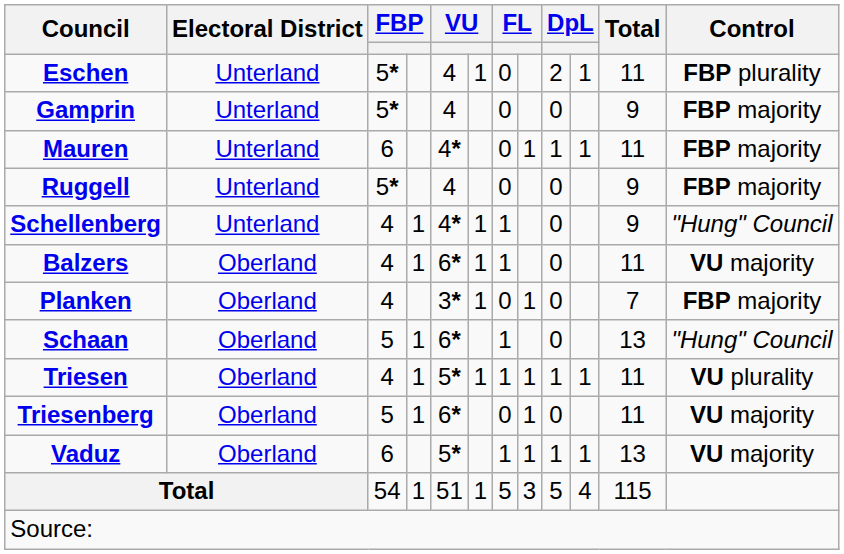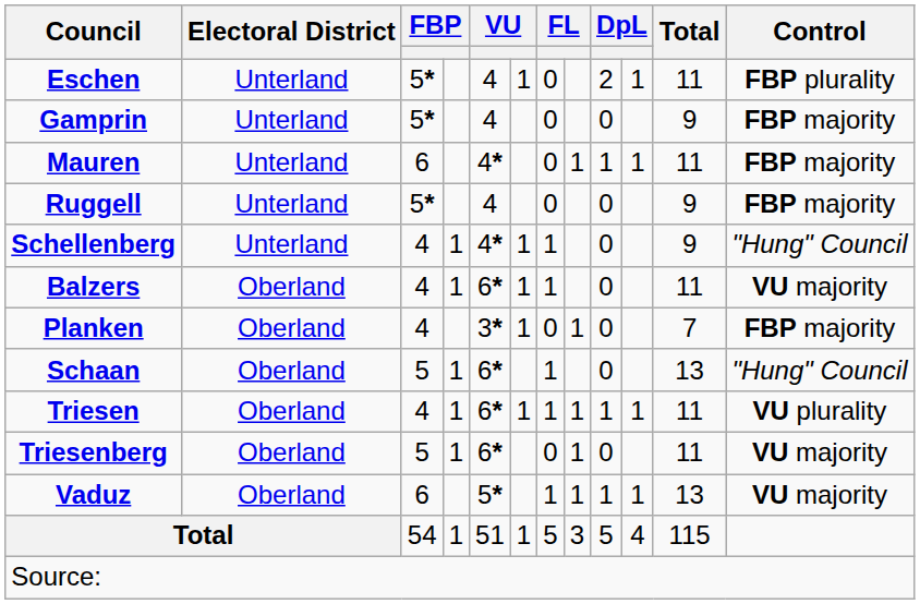 <table class="wikitable sortable" style="text-align:center">
 <tr>
 <th rowspan=2>Council</th>
 <th rowspan=2>Electoral District</th>
 <th colspan=2><a href='#'>FBP</a><br></th>
 <th colspan=2><a href='#'>VU</a><br></th>
 <th colspan=2><a href='#'>FL</a><br></th>
 <th colspan=2><a href='#'>DpL</a><br></th>
 <th rowspan=2>Total</th>
 <th rowspan=2>Control</th>
 </tr>
 <tr>
 <th colspan=2 style="color:inherit;background:"></th>
 <th colspan=2 style="color:inherit;background:"></th>
 <th colspan=2 style="color:inherit;background:"></th>
 <th colspan=2 style="color:inherit;background:"></th>
 </tr>
 <tr>
 <td> <strong><a href='#'>Eschen</a></strong></td>
 <td><a href='#'>Unterland</a></td>
 <td>5<strong>*</strong></td>
 <td></td>
 <td>4</td>
 <td> 1</td>
 <td>0</td>
 <td></td>
 <td>2</td>
 <td> 1</td>
 <td>11</td>
 <td><strong>FBP</strong> plurality</td>
 </tr>
 <tr>
 <td> <strong><a href='#'>Gamprin</a></strong></td>
 <td><a href='#'>Unterland</a></td>
 <td>5<strong>*</strong></td>
 <td></td>
 <td>4</td>
 <td></td>
 <td>0</td>
 <td></td>
 <td>0</td>
 <td></td>
 <td>9</td>
 <td><strong>FBP</strong> majority</td>
 </tr>
 <tr>
 <td> <strong><a href='#'>Mauren</a></strong></td>
 <td><a href='#'>Unterland</a></td>
 <td>6</td>
 <td></td>
 <td>4<strong>*</strong></td>
 <td></td>
 <td>0</td>
 <td> 1</td>
 <td>1</td>
 <td> 1</td>
 <td>11</td>
 <td><strong>FBP</strong> majority</td>
 </tr>
 <tr>
 <td> <strong><a href='#'>Ruggell</a></strong></td>
 <td><a href='#'>Unterland</a></td>
 <td>5<strong>*</strong></td>
 <td></td>
 <td>4</td>
 <td></td>
 <td>0</td>
 <td></td>
 <td>0</td>
 <td></td>
 <td>9</td>
 <td><strong>FBP</strong> majority</td>
 </tr>
 <tr>
 <td>  <strong><a href='#'>Schellenberg</a></strong></td>
 <td><a href='#'>Unterland</a></td>
 <td>4</td>
 <td> 1</td>
 <td>4<strong>*</strong></td>
 <td> 1</td>
 <td>1</td>
 <td></td>
 <td>0</td>
 <td></td>
 <td>9</td>
 <td><em>"Hung" Council</em></td>
 </tr>
 <tr>
 <td> <strong><a href='#'>Balzers</a></strong></td>
 <td><a href='#'>Oberland</a></td>
 <td>4</td>
 <td> 1</td>
 <td>6<strong>*</strong></td>
 <td> 1</td>
 <td>1</td>
 <td></td>
 <td>0</td>
 <td></td>
 <td>11</td>
 <td><span><strong>VU</strong> majority</span></td>
 </tr>
 <tr>
 <td> <strong><a href='#'>Planken</a></strong></td>
 <td><a href='#'>Oberland</a></td>
 <td>4</td>
 <td></td>
 <td>3<strong>*</strong></td>
 <td> 1</td>
 <td>0</td>
 <td> 1</td>
 <td>0</td>
 <td></td>
 <td>7</td>
 <td><strong>FBP</strong> majority</td>
 </tr>
 <tr>
 <td> <strong><a href='#'>Schaan</a></strong></td>
 <td><a href='#'>Oberland</a></td>
 <td>5</td>
 <td> 1</td>
 <td>6<strong>*</strong></td>
 <td></td>
 <td>1</td>
 <td></td>
 <td>0</td>
 <td></td>
 <td>13</td>
 <td><em>"Hung" Council</em></td>
 </tr>
 <tr>
 <td> <strong><a href='#'>Triesen</a></strong></td>
 <td><a href='#'>Oberland</a></td>
 <td>4</td>
 <td> 1</td>
-<td>5<strong>*</strong></td>
+<td>6<strong>*</strong></td>
 <td> 1</td>
 <td>1</td>
 <td> 1</td>
 <td>1</td>
 <td> 1</td>
 <td>11</td>
 <td><span><strong>VU</strong> plurality</span></td>
 </tr>
 <tr>
 <td> <strong><a href='#'>Triesenberg</a></strong></td>
 <td><a href='#'>Oberland</a></td>
 <td>5</td>
 <td> 1</td>
 <td>6<strong>*</strong></td>
 <td></td>
 <td>0</td>
 <td> 1</td>
 <td>0</td>
 <td></td>
 <td>11</td>
 <td><span><strong>VU</strong> majority</span></td>
 </tr>
 <tr>
 <td> <strong><a href='#'>Vaduz</a></strong></td>
 <td><a href='#'>Oberland</a></td>
 <td>6</td>
 <td></td>
 <td>5<strong>*</strong></td>
 <td></td>
 <td>1</td>
 <td> 1</td>
 <td>1</td>
 <td> 1</td>
 <td>13</td>
 <td><span><strong>VU</strong> majority</span></td>
 </tr>
 <tr>
 <th colspan=2>Total</th>
 <td>54</td>
 <td> 1</td>
 <td>51</td>
 <td> 1</td>
 <td>5</td>
 <td> 3</td>
 <td>5</td>
 <td> 4</td>
 <td>115</td>
 <td></td>
 </tr>
 <tr>
 <td colspan="12" style="text-align:left">Source: </td>
 </tr>
 </table>
